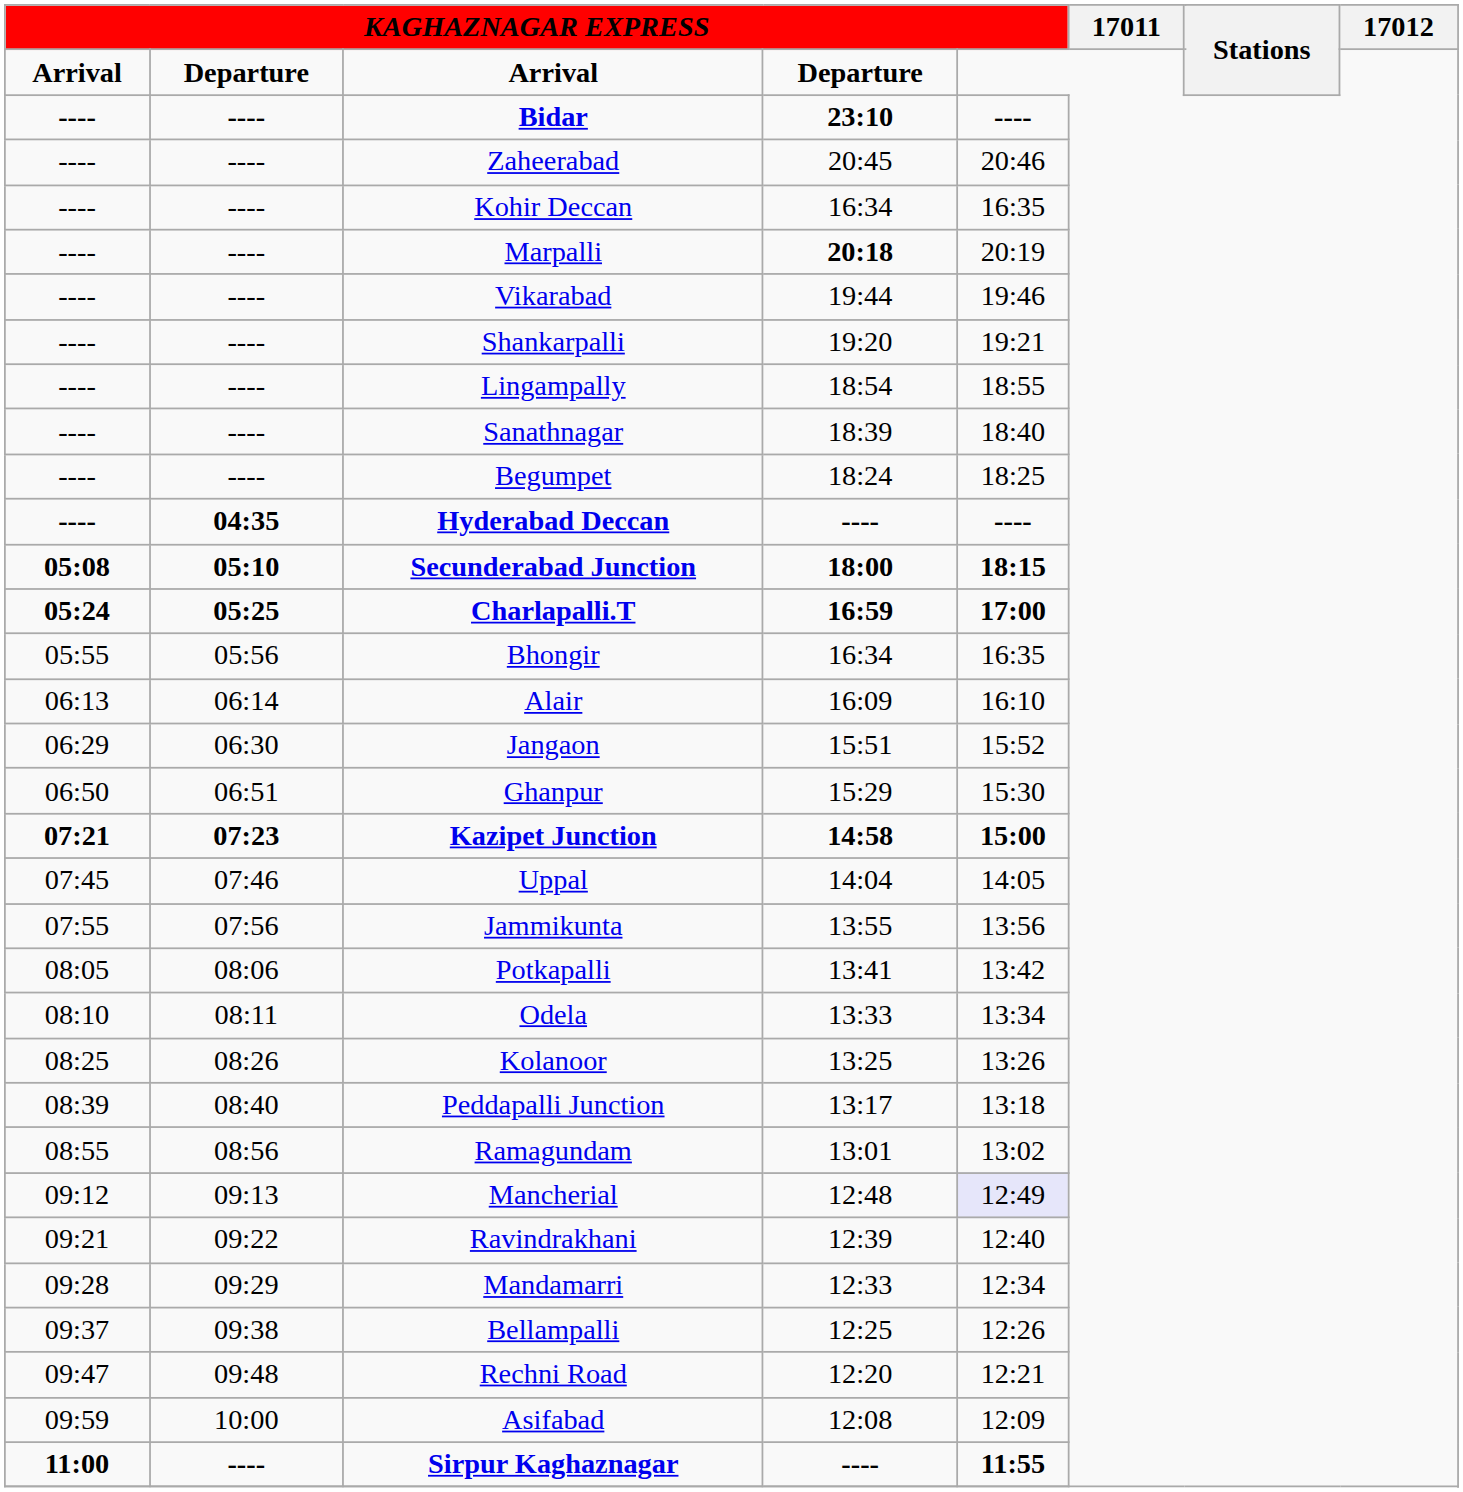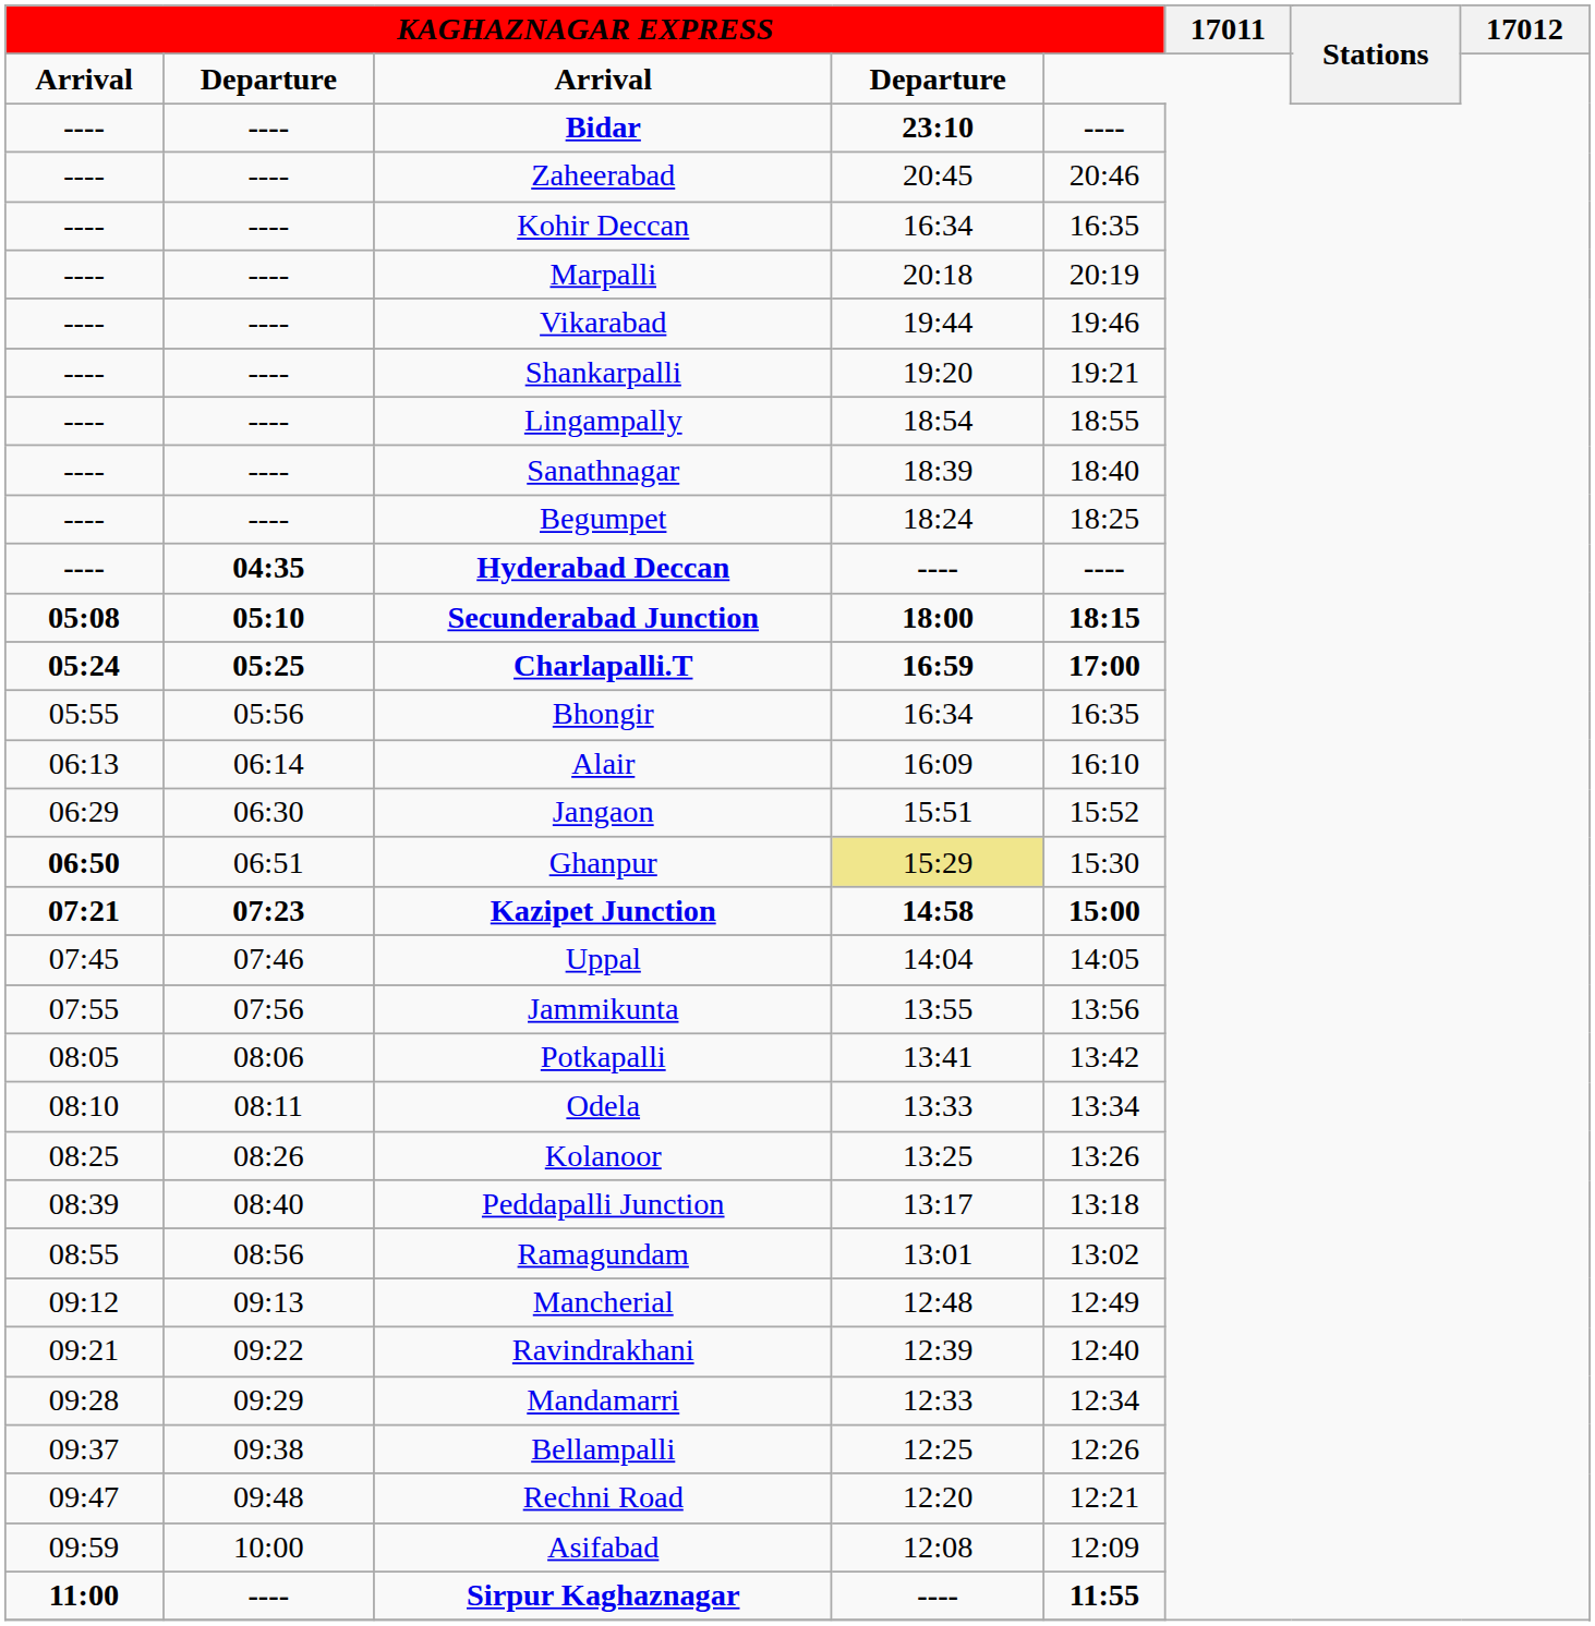 <table class="wikitable" width="65%" style="text-align: center;">
 <tr>
 <th colspan="5" align="center" style="background:RED;"><span><em>KAGHAZNAGAR EXPRESS</em></span></th>
 <th colspan="2">17011</th>
 <th rowspan="2">Stations</th>
 <th colspan="2">17012</th>
 </tr>
 <tr>
 <td><strong>Arrival</strong></td>
 <td><strong>Departure</strong></td>
 <td><strong>Arrival</strong></td>
 <td><strong>Departure</strong></td>
 </tr>
 <tr>
 <td><strong>----</strong></td>
 <td><strong>----</strong></td>
 <td><strong><a href='#'>Bidar</a></strong></td>
 <td><strong>23:10</strong></td>
 <td><strong>----</strong></td>
 </tr>
 <tr>
 <td>----</td>
 <td>----</td>
 <td><a href='#'>Zaheerabad</a></td>
 <td>20:45</td>
 <td>20:46</td>
 </tr>
 <tr>
 <td>----</td>
 <td>----</td>
 <td><a href='#'>Kohir Deccan</a></td>
 <td>16:34</td>
 <td>16:35</td>
 </tr>
 <tr>
 <td>----</td>
 <td>----</td>
 <td><a href='#'>Marpalli</a></td>
-<td><strong>20:18</strong></td>
+<td>20:18</td>
 <td>20:19</td>
 </tr>
 <tr>
 <td>----</td>
 <td>----</td>
 <td><a href='#'>Vikarabad</a></td>
 <td>19:44</td>
 <td>19:46</td>
 </tr>
 <tr>
 <td>----</td>
 <td>----</td>
 <td><a href='#'>Shankarpalli</a></td>
 <td>19:20</td>
 <td>19:21</td>
 </tr>
 <tr>
 <td>----</td>
 <td>----</td>
 <td><a href='#'>Lingampally</a></td>
 <td>18:54</td>
 <td>18:55</td>
 </tr>
 <tr>
 <td>----</td>
 <td>----</td>
 <td><a href='#'>Sanathnagar</a></td>
 <td>18:39</td>
 <td>18:40</td>
 </tr>
 <tr>
 <td>----</td>
 <td>----</td>
 <td><a href='#'>Begumpet</a></td>
 <td>18:24</td>
 <td>18:25</td>
 </tr>
 <tr>
 <td><strong>----</strong></td>
 <td><strong>04:35</strong></td>
 <td><strong><a href='#'>Hyderabad Deccan</a></strong></td>
 <td><strong>----</strong></td>
 <td><strong>----</strong></td>
 </tr>
 <tr>
 <td><strong>05:08</strong></td>
 <td><strong>05:10</strong></td>
 <td><strong><a href='#'>Secunderabad Junction</a></strong></td>
 <td><strong>18:00</strong></td>
 <td><strong>18:15</strong></td>
 </tr>
 <tr>
 <td><strong>05:24</strong></td>
 <td><strong>05:25</strong></td>
 <td><strong><a href='#'>Charlapalli.T</a></strong></td>
 <td><strong>16:59</strong></td>
 <td><strong>17:00</strong></td>
 </tr>
 <tr>
 <td>05:55</td>
 <td>05:56</td>
 <td><a href='#'>Bhongir</a></td>
 <td>16:34</td>
 <td>16:35</td>
 </tr>
 <tr>
 <td>06:13</td>
 <td>06:14</td>
 <td><a href='#'>Alair</a></td>
 <td>16:09</td>
 <td>16:10</td>
 </tr>
 <tr>
 <td>06:29</td>
 <td>06:30</td>
 <td><a href='#'>Jangaon</a></td>
 <td>15:51</td>
 <td>15:52</td>
 </tr>
 <tr>
-<td>06:50</td>
+<td><strong>06:50</strong></td>
 <td>06:51</td>
 <td><a href='#'>Ghanpur</a></td>
-<td>15:29</td>
+<td style="background: khaki;">15:29</td>
 <td>15:30</td>
 </tr>
 <tr>
 <td><strong>07:21</strong></td>
 <td><strong>07:23</strong></td>
 <td><strong><a href='#'>Kazipet Junction</a></strong></td>
 <td><strong>14:58</strong></td>
 <td><strong>15:00</strong></td>
 </tr>
 <tr>
 <td>07:45</td>
 <td>07:46</td>
 <td><a href='#'>Uppal</a></td>
 <td>14:04</td>
 <td>14:05</td>
 </tr>
 <tr>
 <td>07:55</td>
 <td>07:56</td>
 <td><a href='#'>Jammikunta</a></td>
 <td>13:55</td>
 <td>13:56</td>
 </tr>
 <tr>
 <td>08:05</td>
 <td>08:06</td>
 <td><a href='#'>Potkapalli</a></td>
 <td>13:41</td>
 <td>13:42</td>
 </tr>
 <tr>
 <td>08:10</td>
 <td>08:11</td>
 <td><a href='#'>Odela</a></td>
 <td>13:33</td>
 <td>13:34</td>
 </tr>
 <tr>
 <td>08:25</td>
 <td>08:26</td>
 <td><a href='#'>Kolanoor</a></td>
 <td>13:25</td>
 <td>13:26</td>
 </tr>
 <tr>
 <td>08:39</td>
 <td>08:40</td>
 <td><a href='#'>Peddapalli Junction</a></td>
 <td>13:17</td>
 <td>13:18</td>
 </tr>
 <tr>
 <td>08:55</td>
 <td>08:56</td>
 <td><a href='#'>Ramagundam</a></td>
 <td>13:01</td>
 <td>13:02</td>
 </tr>
 <tr>
 <td>09:12</td>
 <td>09:13</td>
 <td><a href='#'>Mancherial</a></td>
 <td>12:48</td>
-<td style="background: lavender;">12:49</td>
+<td>12:49</td>
 </tr>
 <tr>
 <td>09:21</td>
 <td>09:22</td>
 <td><a href='#'>Ravindrakhani</a></td>
 <td>12:39</td>
 <td>12:40</td>
 </tr>
 <tr>
 <td>09:28</td>
 <td>09:29</td>
 <td><a href='#'>Mandamarri</a></td>
 <td>12:33</td>
 <td>12:34</td>
 </tr>
 <tr>
 <td>09:37</td>
 <td>09:38</td>
 <td><a href='#'>Bellampalli</a></td>
 <td>12:25</td>
 <td>12:26</td>
 </tr>
 <tr>
 <td>09:47</td>
 <td>09:48</td>
 <td><a href='#'>Rechni Road</a></td>
 <td>12:20</td>
 <td>12:21</td>
 </tr>
 <tr>
 <td>09:59</td>
 <td>10:00</td>
 <td><a href='#'>Asifabad</a></td>
 <td>12:08</td>
 <td>12:09</td>
 </tr>
 <tr>
 <td><strong>11:00</strong></td>
 <td><strong>----</strong></td>
 <td><strong><a href='#'>Sirpur Kaghaznagar</a></strong></td>
 <td><strong>----</strong></td>
 <td><strong>11:55</strong></td>
 </tr>
 <tr>
 </tr>
 </table>
